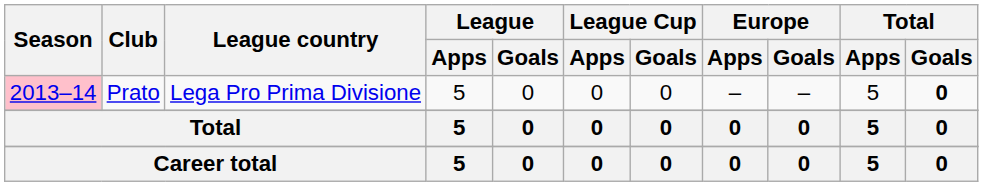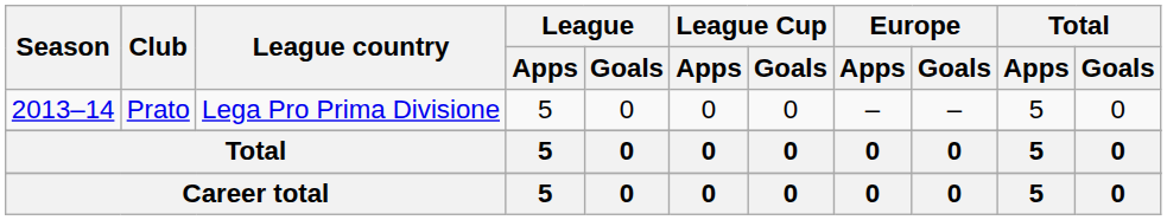 <table class="wikitable" style="text-align: center;">
 <tr>
 <th rowspan="2">Season</th>
 <th rowspan="2">Club</th>
 <th rowspan="2">League country</th>
 <th colspan="2">League</th>
 <th colspan="2">League Cup</th>
 <th colspan="2">Europe</th>
 <th colspan="2">Total</th>
 </tr>
 <tr>
 <th>Apps</th>
 <th>Goals</th>
 <th>Apps</th>
 <th>Goals</th>
 <th>Apps</th>
 <th>Goals</th>
 <th>Apps</th>
 <th>Goals</th>
 </tr>
 <tr>
-<td style="background: pink;"><a href='#'>2013–14</a></td>
+<td><a href='#'>2013–14</a></td>
 <td valign="center"><a href='#'>Prato</a></td>
 <td><a href='#'>Lega Pro Prima Divisione</a></td>
 <td>5</td>
 <td>0</td>
 <td>0</td>
 <td>0</td>
 <td>–</td>
 <td>–</td>
 <td>5</td>
-<td><strong>0</strong></td>
+<td>0</td>
 </tr>
 <tr>
 </tr>
 <tr>
 <th colspan="3" valign="center">Total</th>
 <th>5</th>
 <th>0</th>
 <th>0</th>
 <th>0</th>
 <th>0</th>
 <th>0</th>
 <th>5</th>
 <th>0</th>
 </tr>
 <tr>
 </tr>
 <tr>
 <th colspan="3">Career total</th>
 <th>5</th>
 <th>0</th>
 <th>0</th>
 <th>0</th>
 <th>0</th>
 <th>0</th>
 <th>5</th>
 <th>0</th>
 </tr>
 </table>
